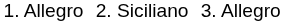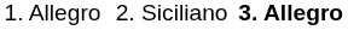 <table>
 <tr>
 <td colspan="3"></td>
 </tr>
 <tr>
 <td style="width: 33%; text-align: center;">1. Allegro</td>
 <td style="width: 33%; text-align: center;">2. Siciliano</td>
-<td style="width: 33%; text-align: center;">3. Allegro</td>
+<td style="width: 33%; text-align: center;"><strong>3. Allegro</strong></td>
 </tr>
 </table>
